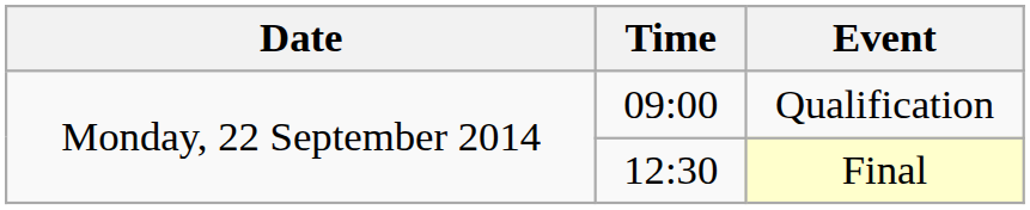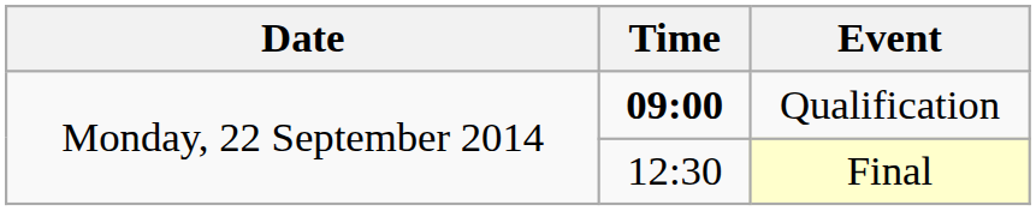 <table class = "wikitable" style="text-align:center;">
 <tr>
 <th width=220>Date</th>
 <th width=50>Time</th>
 <th width=100>Event</th>
 </tr>
 <tr>
 <td rowspan=2>Monday, 22 September 2014</td>
-<td>09:00</td>
+<td><strong>09:00</strong></td>
 <td>Qualification</td>
 </tr>
 <tr>
 <td>12:30</td>
 <td bgcolor=ffffcc>Final</td>
 </tr>
 </table>
